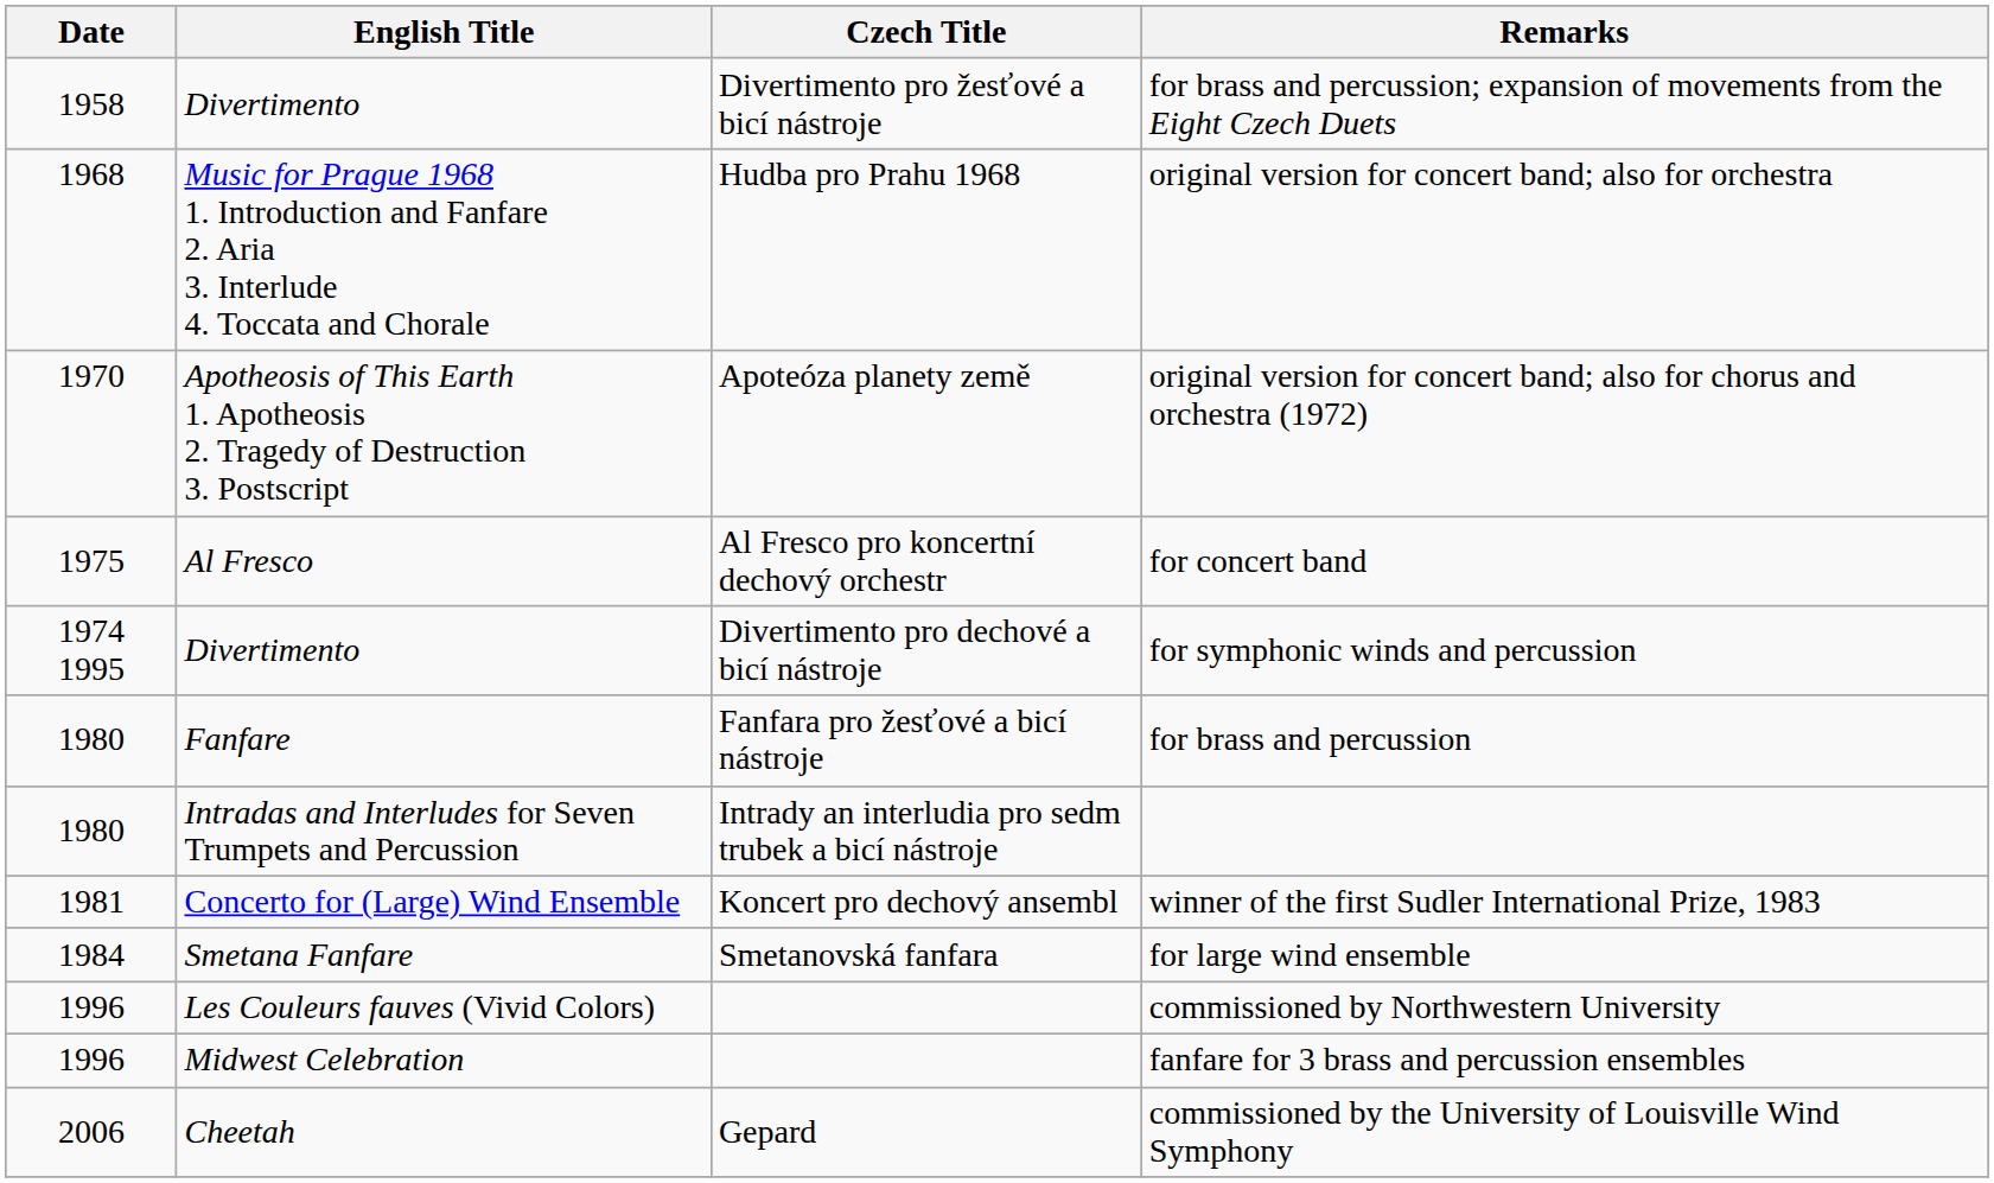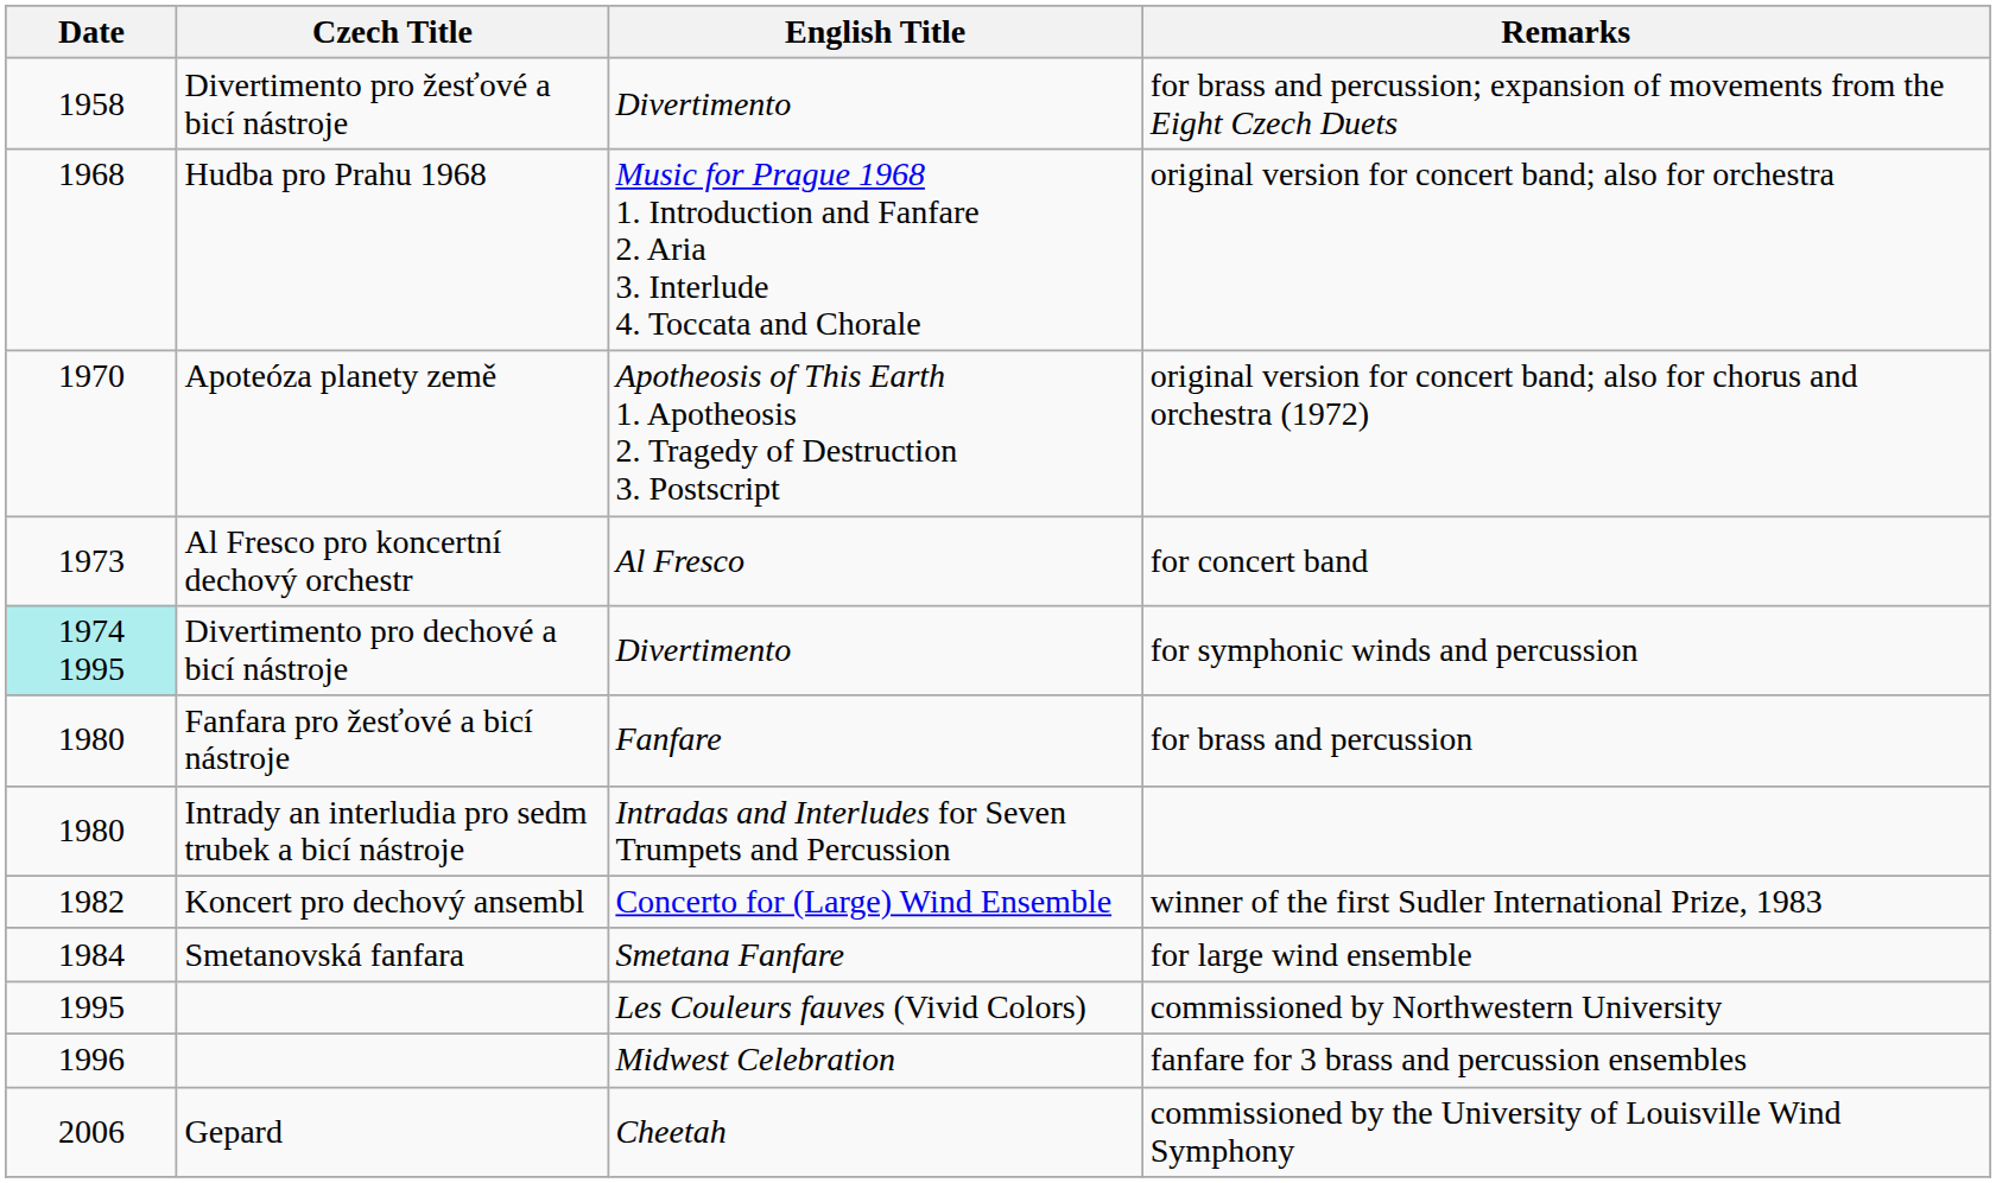 <table class="wikitable" style="margins:auto; width=95%;">
 <tr>
 <th width="75">Date</th>
+<th width="200">Czech Title</th>
 <th width="250">English Title</th>
-<th width="200">Czech Title</th>
 <th width="400">Remarks</th>
 </tr>
 <tr>
 <td align=center>1958</td>
+<td>Divertimento pro žesťové a bicí nástroje</td>
 <td><em>Divertimento</em></td>
-<td>Divertimento pro žesťové a bicí nástroje</td>
 <td>for brass and percussion; expansion of movements from the <em>Eight Czech Duets</em></td>
 </tr>
 <tr>
 <td align=center valign="top">1968</td>
+<td valign="top">Hudba pro Prahu 1968</td>
 <td><em><a href='#'>Music for Prague 1968</a></em> <br>   1. Introduction and Fanfare <br>   2. Aria <br>   3. Interlude <br>   4. Toccata and Chorale</td>
-<td valign="top">Hudba pro Prahu 1968</td>
 <td valign="top">original version for concert band; also for orchestra</td>
 </tr>
 <tr>
 <td align=center valign="top">1970</td>
+<td valign="top">Apoteóza planety země</td>
 <td><em>Apotheosis of This Earth</em> <br>   1. Apotheosis <br>   2. Tragedy of Destruction <br>   3. Postscript</td>
-<td valign="top">Apoteóza planety země</td>
 <td valign="top">original version for concert band; also for chorus and orchestra (1972)</td>
 </tr>
 <tr>
-<td align=center>1975</td>
+<td align=center>1973</td>
+<td>Al Fresco pro koncertní dechový orchestr</td>
 <td><em>Al Fresco</em></td>
-<td>Al Fresco pro koncertní dechový orchestr</td>
 <td>for concert band</td>
 </tr>
 <tr>
-<td align=center>1974 <br> 1995</td>
+<td align=center style="background: paleturquoise;">1974 <br> 1995</td>
+<td>Divertimento pro dechové a bicí nástroje</td>
 <td><em>Divertimento</em></td>
-<td>Divertimento pro dechové a bicí nástroje</td>
 <td>for symphonic winds and percussion</td>
 </tr>
 <tr>
 <td align=center>1980</td>
+<td>Fanfara pro žesťové a bicí nástroje</td>
 <td><em>Fanfare</em></td>
-<td>Fanfara pro žesťové a bicí nástroje</td>
 <td>for brass and percussion</td>
 </tr>
 <tr>
 <td align=center>1980</td>
+<td>Intrady an interludia pro sedm trubek a bicí nástroje</td>
 <td><em>Intradas and Interludes</em> for Seven Trumpets and Percussion</td>
-<td>Intrady an interludia pro sedm trubek a bicí nástroje</td>
 <td> </td>
 </tr>
 <tr>
-<td align=center>1981</td>
+<td align=center>1982</td>
+<td>Koncert pro dechový ansembl</td>
 <td><a href='#'>Concerto for (Large) Wind Ensemble</a></td>
-<td>Koncert pro dechový ansembl</td>
 <td>winner of the first Sudler International Prize, 1983</td>
 </tr>
 <tr>
 <td align=center>1984</td>
+<td>Smetanovská fanfara</td>
 <td><em>Smetana Fanfare</em></td>
-<td>Smetanovská fanfara</td>
 <td>for large wind ensemble</td>
 </tr>
 <tr>
-<td align=center>1996</td>
+<td align=center>1995</td>
+<td> </td>
 <td><em>Les Couleurs fauves</em> (Vivid Colors)</td>
-<td> </td>
 <td>commissioned by Northwestern University</td>
 </tr>
 <tr>
 <td align=center>1996</td>
+<td> </td>
 <td><em>Midwest Celebration</em></td>
-<td> </td>
 <td>fanfare for 3 brass and percussion ensembles</td>
 </tr>
 <tr>
 <td align=center>2006</td>
+<td>Gepard</td>
 <td><em>Cheetah</em></td>
-<td>Gepard</td>
 <td>commissioned by the University of Louisville Wind Symphony</td>
 </tr>
 </table>
